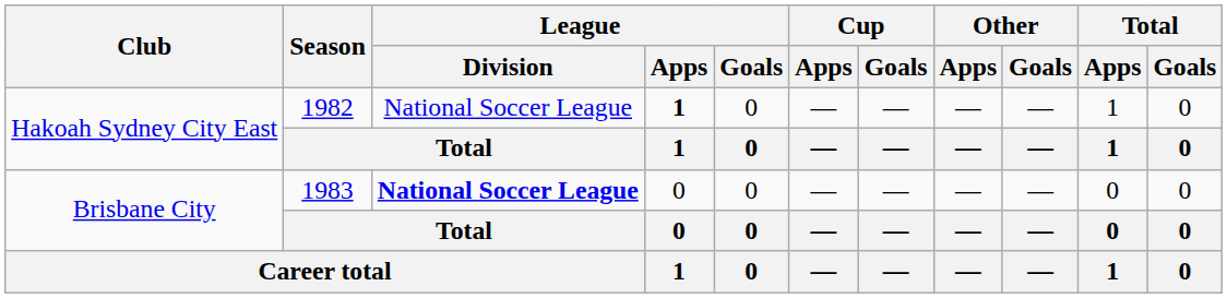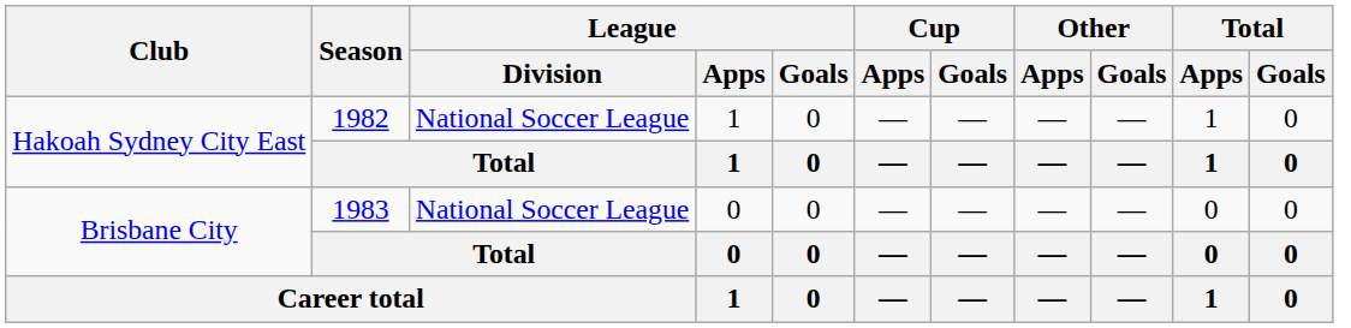 <table class="wikitable" style="text-align:center">
 <tr>
 <th rowspan=2>Club</th>
 <th rowspan=2>Season</th>
 <th colspan=3>League</th>
 <th colspan=2>Cup</th>
 <th colspan=2>Other</th>
 <th colspan=2>Total</th>
 </tr>
 <tr>
 <th>Division</th>
 <th>Apps</th>
 <th>Goals</th>
 <th>Apps</th>
 <th>Goals</th>
 <th>Apps</th>
 <th>Goals</th>
 <th>Apps</th>
 <th>Goals</th>
 </tr>
 <tr>
 <td rowspan="2"><a href='#'>Hakoah Sydney City East</a></td>
 <td><a href='#'>1982</a></td>
 <td><a href='#'>National Soccer League</a></td>
-<td><strong>1</strong></td>
+<td>1</td>
 <td>0</td>
 <td>—</td>
 <td>—</td>
 <td>—</td>
 <td>—</td>
 <td>1</td>
 <td>0</td>
 </tr>
 <tr>
 <th colspan=2>Total</th>
 <th>1</th>
 <th>0</th>
 <th>—</th>
 <th>—</th>
 <th>—</th>
 <th>—</th>
 <th>1</th>
 <th>0</th>
 </tr>
 <tr>
 <td rowspan="2"><a href='#'>Brisbane City</a></td>
 <td><a href='#'>1983</a></td>
-<td><strong><a href='#'>National Soccer League</a></strong></td>
+<td><a href='#'>National Soccer League</a></td>
 <td>0</td>
 <td>0</td>
 <td>—</td>
 <td>—</td>
 <td>—</td>
 <td>—</td>
 <td>0</td>
 <td>0</td>
 </tr>
 <tr>
 <th colspan=2>Total</th>
 <th>0</th>
 <th>0</th>
 <th>—</th>
 <th>—</th>
 <th>—</th>
 <th>—</th>
 <th>0</th>
 <th>0</th>
 </tr>
 <tr>
 <th colspan="3">Career total</th>
 <th>1</th>
 <th>0</th>
 <th>—</th>
 <th>—</th>
 <th>—</th>
 <th>—</th>
 <th>1</th>
 <th>0</th>
 </tr>
 </table>
